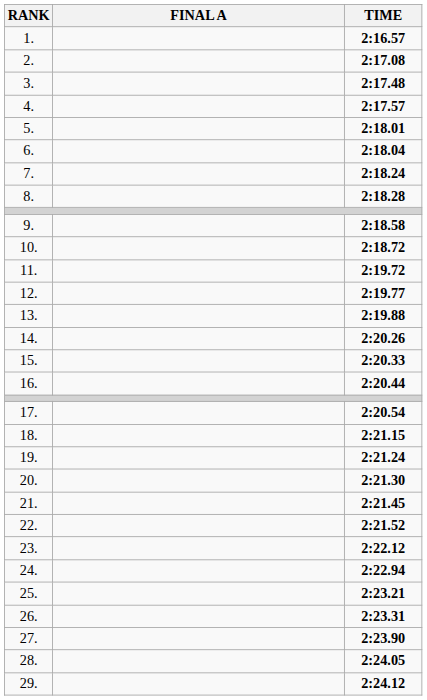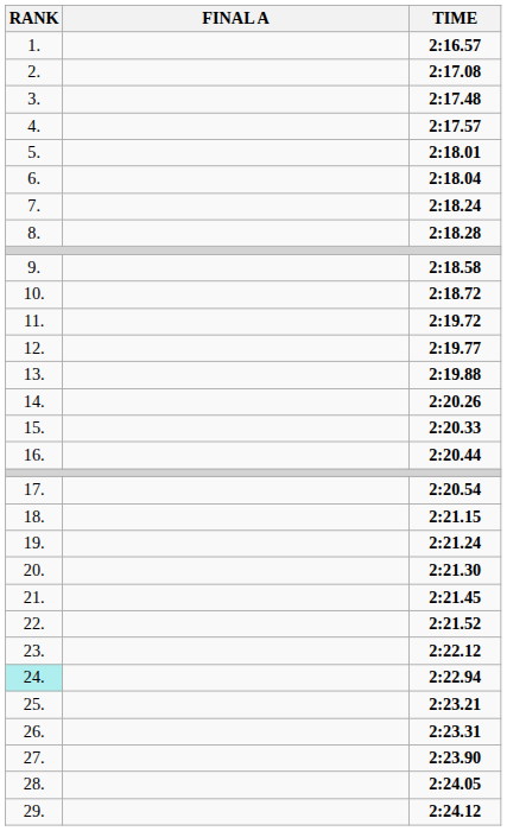 <table class="wikitable">
 <tr>
 <th>RANK</th>
 <th style="width: 20em">FINAL A</th>
 <th style="width: 5em">TIME</th>
 </tr>
 <tr>
 <td align="center">1.</td>
 <td></td>
 <td align="center"><strong>2:16.57</strong></td>
 </tr>
 <tr>
 <td align="center">2.</td>
 <td></td>
 <td align="center"><strong>2:17.08</strong></td>
 </tr>
 <tr>
 <td align="center">3.</td>
 <td></td>
 <td align="center"><strong>2:17.48</strong></td>
 </tr>
 <tr>
 <td align="center">4.</td>
 <td></td>
 <td align="center"><strong>2:17.57</strong></td>
 </tr>
 <tr>
 <td align="center">5.</td>
 <td></td>
 <td align="center"><strong>2:18.01</strong></td>
 </tr>
 <tr>
 <td align="center">6.</td>
 <td></td>
 <td align="center"><strong>2:18.04</strong></td>
 </tr>
 <tr>
 <td align="center">7.</td>
 <td></td>
 <td align="center"><strong>2:18.24</strong></td>
 </tr>
 <tr>
 <td align="center">8.</td>
 <td></td>
 <td align="center"><strong>2:18.28</strong></td>
 </tr>
 <tr>
 <td colspan=3 bgcolor=lightgray></td>
 </tr>
 <tr>
 <td align="center">9.</td>
 <td></td>
 <td align="center"><strong>2:18.58</strong></td>
 </tr>
 <tr>
 <td align="center">10.</td>
 <td></td>
 <td align="center"><strong>2:18.72</strong></td>
 </tr>
 <tr>
 <td align="center">11.</td>
 <td></td>
 <td align="center"><strong>2:19.72</strong></td>
 </tr>
 <tr>
 <td align="center">12.</td>
 <td></td>
 <td align="center"><strong>2:19.77</strong></td>
 </tr>
 <tr>
 <td align="center">13.</td>
 <td></td>
 <td align="center"><strong>2:19.88</strong></td>
 </tr>
 <tr>
 <td align="center">14.</td>
 <td></td>
 <td align="center"><strong>2:20.26</strong></td>
 </tr>
 <tr>
 <td align="center">15.</td>
 <td></td>
 <td align="center"><strong>2:20.33</strong></td>
 </tr>
 <tr>
 <td align="center">16.</td>
 <td></td>
 <td align="center"><strong>2:20.44</strong></td>
 </tr>
 <tr>
 <td colspan=3 bgcolor=lightgray></td>
 </tr>
 <tr>
 <td align="center">17.</td>
 <td></td>
 <td align="center"><strong>2:20.54</strong></td>
 </tr>
 <tr>
 <td align="center">18.</td>
 <td></td>
 <td align="center"><strong>2:21.15</strong></td>
 </tr>
 <tr>
 <td align="center">19.</td>
 <td></td>
 <td align="center"><strong>2:21.24</strong></td>
 </tr>
 <tr>
 <td align="center">20.</td>
 <td></td>
 <td align="center"><strong>2:21.30</strong></td>
 </tr>
 <tr>
 <td align="center">21.</td>
 <td></td>
 <td align="center"><strong>2:21.45</strong></td>
 </tr>
 <tr>
 <td align="center">22.</td>
 <td></td>
 <td align="center"><strong>2:21.52</strong></td>
 </tr>
 <tr>
 <td align="center">23.</td>
 <td></td>
 <td align="center"><strong>2:22.12</strong></td>
 </tr>
 <tr>
-<td align="center">24.</td>
+<td align="center" style="background: paleturquoise;">24.</td>
 <td></td>
 <td align="center"><strong>2:22.94</strong></td>
 </tr>
 <tr>
 <td align="center">25.</td>
 <td></td>
 <td align="center"><strong>2:23.21</strong></td>
 </tr>
 <tr>
 <td align="center">26.</td>
 <td></td>
 <td align="center"><strong>2:23.31</strong></td>
 </tr>
 <tr>
 <td align="center">27.</td>
 <td></td>
 <td align="center"><strong>2:23.90</strong></td>
 </tr>
 <tr>
 <td align="center">28.</td>
 <td></td>
 <td align="center"><strong>2:24.05</strong></td>
 </tr>
 <tr>
 <td align="center">29.</td>
 <td></td>
 <td align="center"><strong>2:24.12</strong></td>
 </tr>
 </table>
